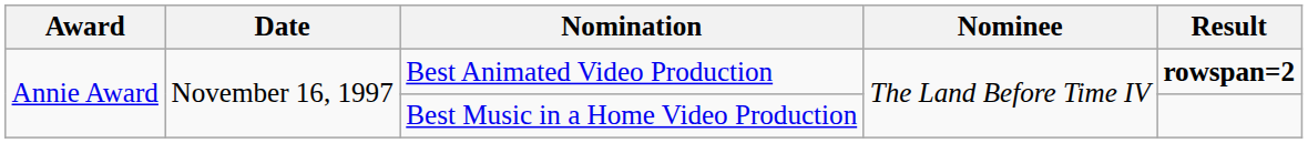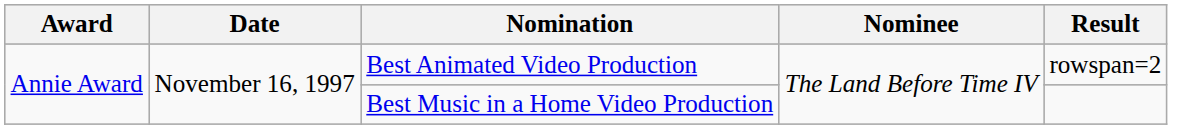 <table class="wikitable" width:100%;">
 <tr>
 <th>Award</th>
 <th>Date</th>
 <th>Nomination</th>
 <th>Nominee</th>
 <th>Result</th>
 </tr>
 <tr>
 <td rowspan=2><a href='#'>Annie Award</a></td>
 <td rowspan=2>November 16, 1997</td>
 <td><a href='#'>Best Animated Video Production</a></td>
 <td rowspan=2><em>The Land Before Time IV</em></td>
-<td><strong>rowspan=2 </strong></td>
+<td>rowspan=2 </td>
 </tr>
 <tr>
 <td><a href='#'>Best Music in a Home Video Production</a></td>
 </tr>
 </table>
